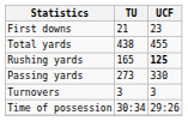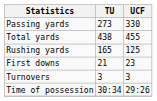 <table class="wikitable" style="float: left;">
 <tr>
 <th>Statistics</th>
 <th>TU</th>
 <th>UCF</th>
 </tr>
 <tr>
-<td>First downs</td>
-<td>21</td>
-<td>23</td>
+<td>Passing yards</td>
+<td>273</td>
+<td>330</td>
 </tr>
 <tr>
 <td>Total yards</td>
 <td>438</td>
 <td>455</td>
 </tr>
 <tr>
 <td>Rushing yards</td>
 <td>165</td>
-<td><strong>125</strong></td>
+<td>125</td>
 </tr>
 <tr>
-<td>Passing yards</td>
-<td>273</td>
-<td>330</td>
+<td>First downs</td>
+<td>21</td>
+<td>23</td>
 </tr>
 <tr>
 <td>Turnovers</td>
 <td>3</td>
 <td>3</td>
 </tr>
 <tr>
 <td>Time of possession</td>
 <td>30:34</td>
 <td>29:26</td>
 </tr>
 <tr>
 </tr>
 </table>
